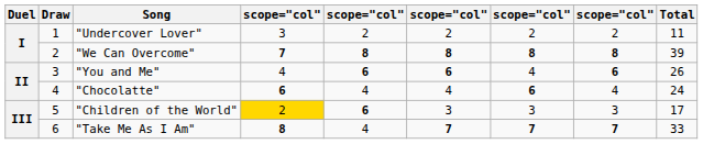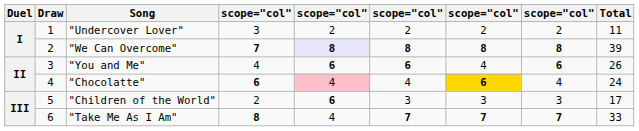 <table class="wikitable collapsible" style="margin: 1em auto 1em auto; text-align:center;">
 <tr>
 <th>Duel</th>
 <th>Draw</th>
 <th>Song</th>
 <th>scope="col" </th>
 <th>scope="col" </th>
 <th>scope="col" </th>
 <th>scope="col" </th>
 <th>scope="col" </th>
 <th>Total</th>
 </tr>
 <tr>
 <th rowspan="2">I</th>
 <td>1</td>
 <td align="left">"Undercover Lover"</td>
 <td>3</td>
 <td>2</td>
 <td>2</td>
 <td>2</td>
 <td>2</td>
 <td>11</td>
 </tr>
 <tr>
 <td>2</td>
 <td align="left">"We Can Overcome"</td>
 <td><strong>7</strong></td>
-<td><strong>8</strong></td>
+<td style="background: lavender;"><strong>8</strong></td>
 <td><strong>8</strong></td>
 <td><strong>8</strong></td>
 <td><strong>8</strong></td>
 <td>39</td>
 </tr>
 <tr>
 <th rowspan="2">II</th>
 <td>3</td>
 <td align="left">"You and Me"</td>
 <td>4</td>
 <td><strong>6</strong></td>
 <td><strong>6</strong></td>
 <td>4</td>
 <td><strong>6</strong></td>
 <td>26</td>
 </tr>
 <tr>
 <td>4</td>
 <td align="left">"Chocolatte"</td>
 <td><strong>6</strong></td>
+<td style="background: pink;">4</td>
 <td>4</td>
-<td>4</td>
-<td><strong>6</strong></td>
+<td style="background: gold;"><strong>6</strong></td>
 <td>4</td>
 <td>24</td>
 </tr>
 <tr>
 <th rowspan="2">III</th>
 <td>5</td>
 <td align="left">"Children of the World"</td>
-<td style="background: gold;">2</td>
+<td>2</td>
 <td><strong>6</strong></td>
 <td>3</td>
 <td>3</td>
 <td>3</td>
 <td>17</td>
 </tr>
 <tr>
 <td>6</td>
 <td align="left">"Take Me As I Am"</td>
 <td><strong>8</strong></td>
 <td>4</td>
 <td><strong>7</strong></td>
 <td><strong>7</strong></td>
 <td><strong>7</strong></td>
 <td>33</td>
 </tr>
 </table>
